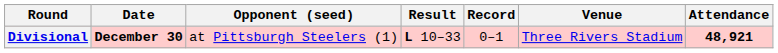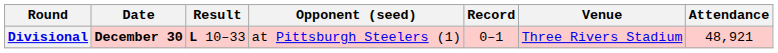 <table class="wikitable" style="text-align:center">
 <tr>
 <th>Round</th>
 <th>Date</th>
+<th>Result</th>
 <th>Opponent (seed)</th>
-<th>Result</th>
 <th>Record</th>
 <th>Venue</th>
 <th>Attendance</th>
 </tr>
 <tr style="background:#fcc">
 <th><a href='#'>Divisional</a></th>
 <td><strong>December 30</strong></td>
+<td><strong>L</strong> 10–33</td>
 <td>at <a href='#'>Pittsburgh Steelers</a> (1)</td>
-<td><strong>L</strong> 10–33</td>
 <td>0–1</td>
 <td><a href='#'>Three Rivers Stadium</a></td>
-<td><strong>48,921</strong></td>
+<td>48,921</td>
 </tr>
 </table>
